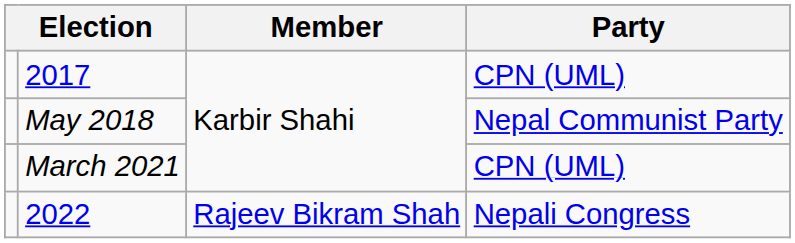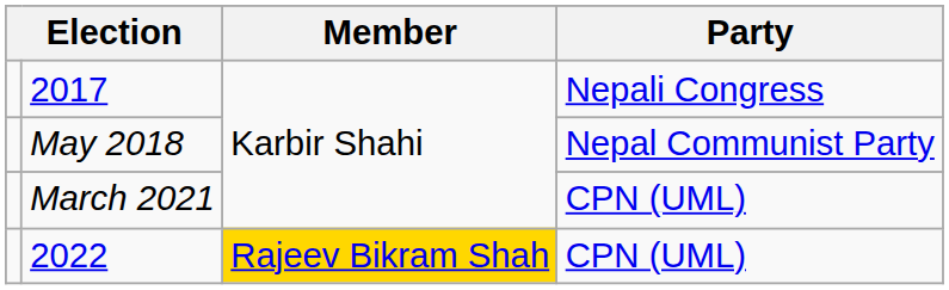 <table class="wikitable">
 <tr>
 <th colspan="2">Election</th>
 <th>Member</th>
 <th>Party</th>
 </tr>
 <tr>
 <td style="color:inherit;background:"></td>
 <td><a href='#'>2017</a></td>
 <td rowspan="3">Karbir Shahi</td>
-<td><a href='#'>CPN (UML)</a></td>
+<td><a href='#'>Nepali Congress</a></td>
 </tr>
 <tr>
 <td style="color:inherit;background-color:"></td>
 <td><em>May 2018</em></td>
 <td><a href='#'>Nepal Communist Party</a></td>
 </tr>
 <tr>
 <td style="color:inherit;background:"></td>
 <td><em>March 2021</em></td>
 <td><a href='#'>CPN (UML)</a></td>
 </tr>
 <tr>
 <td style="color:inherit;background:"></td>
 <td><a href='#'>2022</a></td>
-<td><a href='#'>Rajeev Bikram Shah</a></td>
-<td><a href='#'>Nepali Congress</a></td>
+<td style="background: gold;"><a href='#'>Rajeev Bikram Shah</a></td>
+<td><a href='#'>CPN (UML)</a></td>
 </tr>
 </table>
